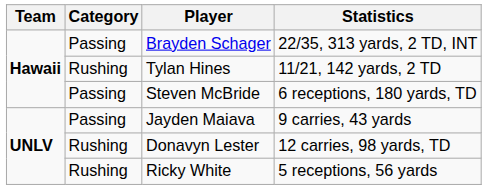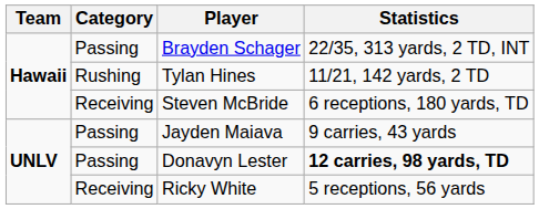 <table class="wikitable" style="float: right;">
 <tr>
 <th>Team</th>
 <th>Category</th>
 <th>Player</th>
 <th>Statistics</th>
 </tr>
 <tr>
 <td rowspan=3><strong>Hawaii</strong></td>
 <td>Passing</td>
 <td><a href='#'>Brayden Schager</a></td>
 <td>22/35, 313 yards, 2 TD, INT</td>
 </tr>
 <tr>
 <td>Rushing</td>
 <td>Tylan Hines</td>
 <td>11/21, 142 yards, 2 TD</td>
 </tr>
 <tr>
-<td>Passing</td>
+<td>Receiving</td>
 <td>Steven McBride</td>
 <td>6 receptions, 180 yards, TD</td>
 </tr>
 <tr>
 <td rowspan=3><strong>UNLV</strong></td>
 <td>Passing</td>
 <td>Jayden Maiava</td>
 <td>9 carries, 43 yards</td>
 </tr>
 <tr>
-<td>Rushing</td>
+<td>Passing</td>
 <td>Donavyn Lester</td>
-<td>12 carries, 98 yards, TD</td>
+<td><strong>12 carries, 98 yards, TD</strong></td>
 </tr>
 <tr>
-<td>Rushing</td>
+<td>Receiving</td>
 <td>Ricky White</td>
 <td>5 receptions, 56 yards</td>
 </tr>
 </table>
